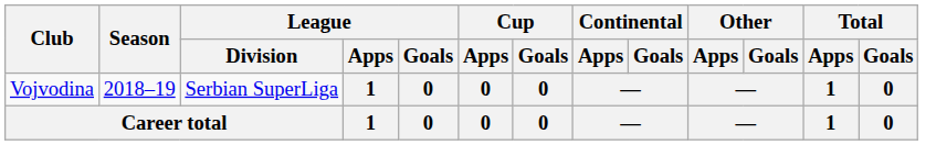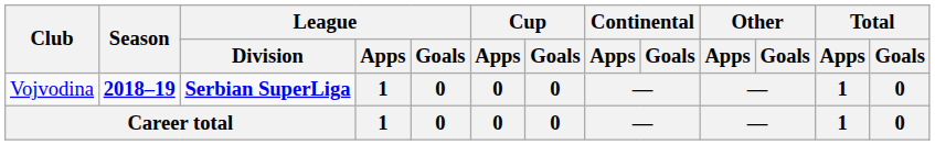 <table class="wikitable" style="text-align: center;font-size:90%">
 <tr>
 <th rowspan="2">Club</th>
 <th rowspan="2">Season</th>
 <th colspan="3">League</th>
 <th colspan="2">Cup</th>
 <th colspan="2">Continental</th>
 <th colspan="2">Other</th>
 <th colspan="2">Total</th>
 </tr>
 <tr>
 <th>Division</th>
 <th>Apps</th>
 <th>Goals</th>
 <th>Apps</th>
 <th>Goals</th>
 <th>Apps</th>
 <th>Goals</th>
 <th>Apps</th>
 <th>Goals</th>
 <th>Apps</th>
 <th>Goals</th>
 </tr>
 <tr>
 <td><a href='#'>Vojvodina</a></td>
-<td><a href='#'>2018–19</a></td>
-<td><a href='#'>Serbian SuperLiga</a></td>
+<td><strong><a href='#'>2018–19</a></strong></td>
+<td><strong><a href='#'>Serbian SuperLiga</a></strong></td>
 <th>1</th>
 <th>0</th>
 <th>0</th>
 <th>0</th>
 <th colspan="2">—</th>
 <th colspan="2">—</th>
 <th>1</th>
 <th>0</th>
 </tr>
 <tr>
 <th colspan="3">Career total</th>
 <th>1</th>
 <th>0</th>
 <th>0</th>
 <th>0</th>
 <th colspan="2">—</th>
 <th colspan="2">—</th>
 <th>1</th>
 <th>0</th>
 </tr>
 </table>
